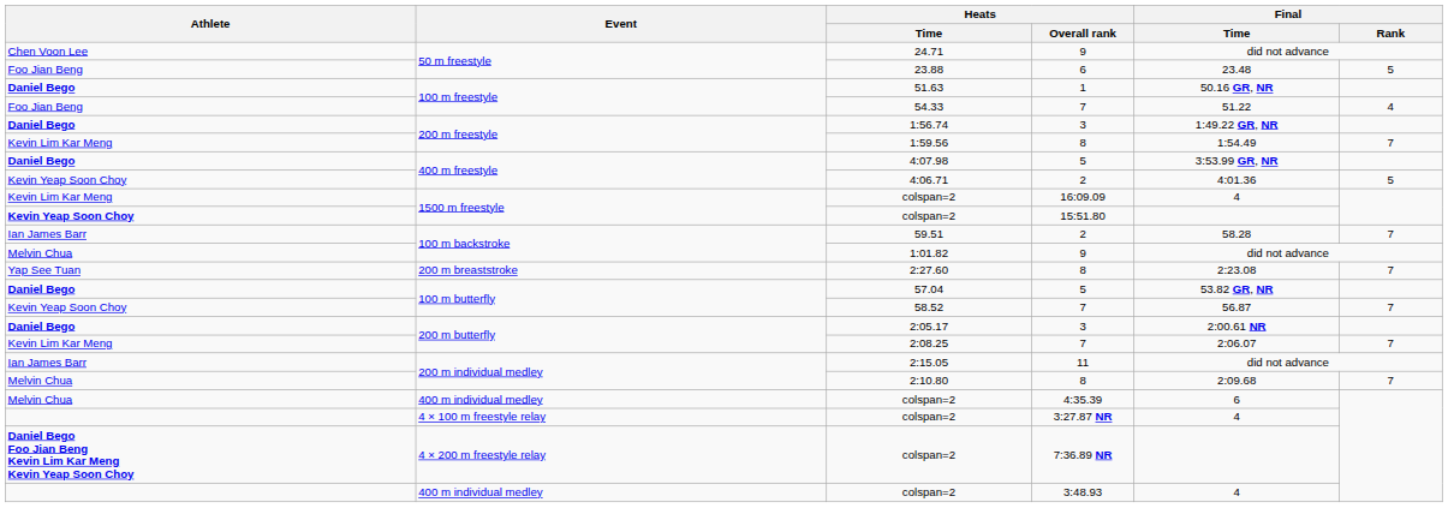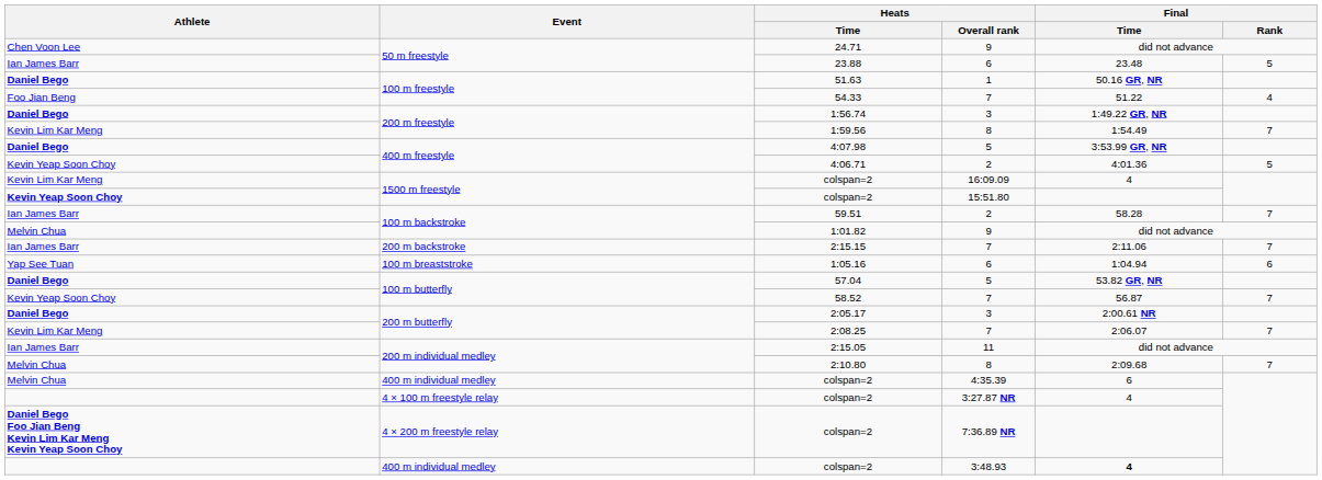 <table class="wikitable" width="90%" style="text-align:center; font-size:90%">
 <tr>
 <th rowspan="2" width="20%">Athlete</th>
 <th rowspan="2" width="20%">Event</th>
 <th colspan="2" width="15%">Heats</th>
 <th colspan="2" width="15%">Final</th>
 </tr>
 <tr>
 <th width="10%">Time</th>
 <th>Overall rank</th>
 <th width="10%">Time</th>
 <th>Rank</th>
 </tr>
 <tr>
 <td align=left><a href='#'>Chen Voon Lee</a></td>
 <td rowspan=2 align=left><a href='#'>50 m freestyle</a></td>
 <td>24.71</td>
 <td>9</td>
 <td colspan=2>did not advance</td>
 </tr>
 <tr>
-<td align=left><a href='#'>Foo Jian Beng</a></td>
+<td align=left><a href='#'>Ian James Barr</a></td>
 <td>23.88</td>
 <td>6 <strong></strong></td>
 <td>23.48</td>
 <td>5</td>
 </tr>
 <tr>
 <td align=left><strong><a href='#'>Daniel Bego</a></strong></td>
 <td rowspan=2 align=left><a href='#'>100 m freestyle</a></td>
 <td>51.63</td>
 <td>1 <strong></strong></td>
 <td>50.16 <strong><a href='#'>GR</a></strong>, <strong><a href='#'>NR</a></strong></td>
 <td></td>
 </tr>
 <tr>
 <td align=left><a href='#'>Foo Jian Beng</a></td>
 <td>54.33</td>
 <td>7 <strong></strong></td>
 <td>51.22</td>
 <td>4</td>
 </tr>
 <tr>
 <td align=left><strong><a href='#'>Daniel Bego</a></strong></td>
 <td rowspan=2 align=left><a href='#'>200 m freestyle</a></td>
 <td>1:56.74</td>
 <td>3 <strong></strong></td>
 <td>1:49.22 <strong><a href='#'>GR</a></strong>, <strong><a href='#'>NR</a></strong></td>
 <td></td>
 </tr>
 <tr>
 <td align=left><a href='#'>Kevin Lim Kar Meng</a></td>
 <td>1:59.56</td>
 <td>8 <strong></strong></td>
 <td>1:54.49</td>
 <td>7</td>
 </tr>
 <tr>
 <td align=left><strong><a href='#'>Daniel Bego</a></strong></td>
 <td rowspan=2 align=left><a href='#'>400 m freestyle</a></td>
 <td>4:07.98</td>
 <td>5 <strong></strong></td>
 <td>3:53.99 <strong><a href='#'>GR</a></strong>, <strong><a href='#'>NR</a></strong></td>
 <td></td>
 </tr>
 <tr>
 <td align=left><a href='#'>Kevin Yeap Soon Choy</a></td>
 <td>4:06.71</td>
 <td>2 <strong></strong></td>
 <td>4:01.36</td>
 <td>5</td>
 </tr>
 <tr>
 <td align=left><a href='#'>Kevin Lim Kar Meng</a></td>
 <td rowspan=2 align=left><a href='#'>1500 m freestyle</a></td>
 <td>colspan=2 </td>
 <td>16:09.09</td>
 <td>4</td>
 </tr>
 <tr>
 <td align=left><strong><a href='#'>Kevin Yeap Soon Choy</a></strong></td>
 <td>colspan=2 </td>
 <td>15:51.80</td>
 <td></td>
 </tr>
 <tr>
 <td align=left><a href='#'>Ian James Barr</a></td>
 <td rowspan=2 align=left><a href='#'>100 m backstroke</a></td>
 <td>59.51</td>
 <td>2 <strong></strong></td>
 <td>58.28</td>
 <td>7</td>
 </tr>
 <tr>
 <td align=left><a href='#'>Melvin Chua</a></td>
 <td>1:01.82</td>
 <td>9</td>
 <td colspan=2>did not advance</td>
 </tr>
 <tr>
+<td align=left><a href='#'>Ian James Barr</a></td>
+<td align=left><a href='#'>200 m backstroke</a></td>
+<td>2:15.15</td>
+<td>7 <strong></strong></td>
+<td>2:11.06</td>
+<td>7</td>
+</tr>
+<tr>
 <td align=left><a href='#'>Yap See Tuan</a></td>
-<td align=left><a href='#'>200 m breaststroke</a></td>
-<td>2:27.60</td>
-<td>8 <strong></strong></td>
-<td>2:23.08</td>
-<td>7</td>
+<td align=left><a href='#'>100 m breaststroke</a></td>
+<td>1:05.16</td>
+<td>6 <strong></strong></td>
+<td>1:04.94</td>
+<td>6</td>
 </tr>
 <tr>
 <td align=left><strong><a href='#'>Daniel Bego</a></strong></td>
 <td rowspan=2 align=left><a href='#'>100 m butterfly</a></td>
 <td>57.04</td>
 <td>5 <strong></strong></td>
 <td>53.82 <strong><a href='#'>GR</a></strong>, <strong><a href='#'>NR</a></strong></td>
 <td></td>
 </tr>
 <tr>
 <td align=left><a href='#'>Kevin Yeap Soon Choy</a></td>
 <td>58.52</td>
 <td>7 <strong></strong></td>
 <td>56.87</td>
 <td>7</td>
 </tr>
 <tr>
 <td align=left><strong><a href='#'>Daniel Bego</a></strong></td>
 <td rowspan=2 align=left><a href='#'>200 m butterfly</a></td>
 <td>2:05.17</td>
 <td>3 <strong></strong></td>
 <td>2:00.61 <strong><a href='#'>NR</a></strong></td>
 <td></td>
 </tr>
 <tr>
 <td align=left><a href='#'>Kevin Lim Kar Meng</a></td>
 <td>2:08.25</td>
 <td>7 <strong></strong></td>
 <td>2:06.07</td>
 <td>7</td>
 </tr>
 <tr>
 <td align=left><a href='#'>Ian James Barr</a></td>
 <td rowspan=2 align=left><a href='#'>200 m individual medley</a></td>
 <td>2:15.05</td>
 <td>11</td>
 <td colspan=2>did not advance</td>
 </tr>
 <tr>
 <td align=left><a href='#'>Melvin Chua</a></td>
 <td>2:10.80</td>
 <td>8 <strong></strong></td>
 <td>2:09.68</td>
 <td>7</td>
 </tr>
 <tr>
 <td align=left><a href='#'>Melvin Chua</a></td>
 <td align=left><a href='#'>400 m individual medley</a></td>
 <td>colspan=2 </td>
 <td>4:35.39</td>
 <td>6</td>
 </tr>
 <tr>
 <td align=left></td>
 <td align=left><a href='#'>4 × 100 m freestyle relay</a></td>
 <td>colspan=2 </td>
 <td>3:27.87 <strong><a href='#'>NR</a></strong></td>
 <td>4</td>
 </tr>
 <tr>
 <td align=left><strong><a href='#'>Daniel Bego</a><br><a href='#'>Foo Jian Beng</a><br><a href='#'>Kevin Lim Kar Meng</a><br><a href='#'>Kevin Yeap Soon Choy</a></strong></td>
 <td align=left><a href='#'>4 × 200 m freestyle relay</a></td>
 <td>colspan=2 </td>
 <td>7:36.89 <strong><a href='#'>NR</a></strong></td>
 <td></td>
 </tr>
 <tr>
 <td align=left></td>
 <td align=left><a href='#'>400 m individual medley</a></td>
 <td>colspan=2 </td>
 <td>3:48.93</td>
-<td>4</td>
+<td><strong>4</strong></td>
 </tr>
 </table>
